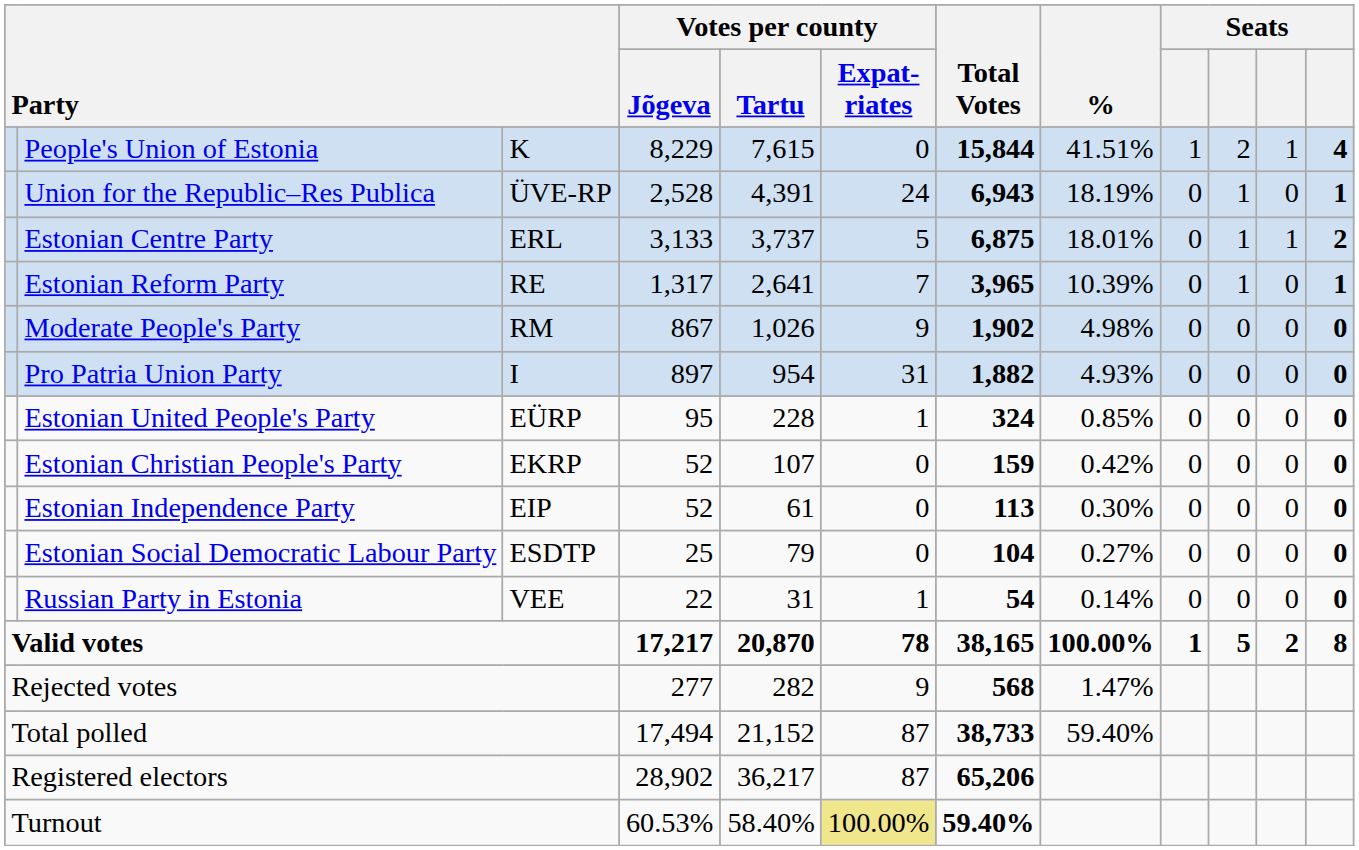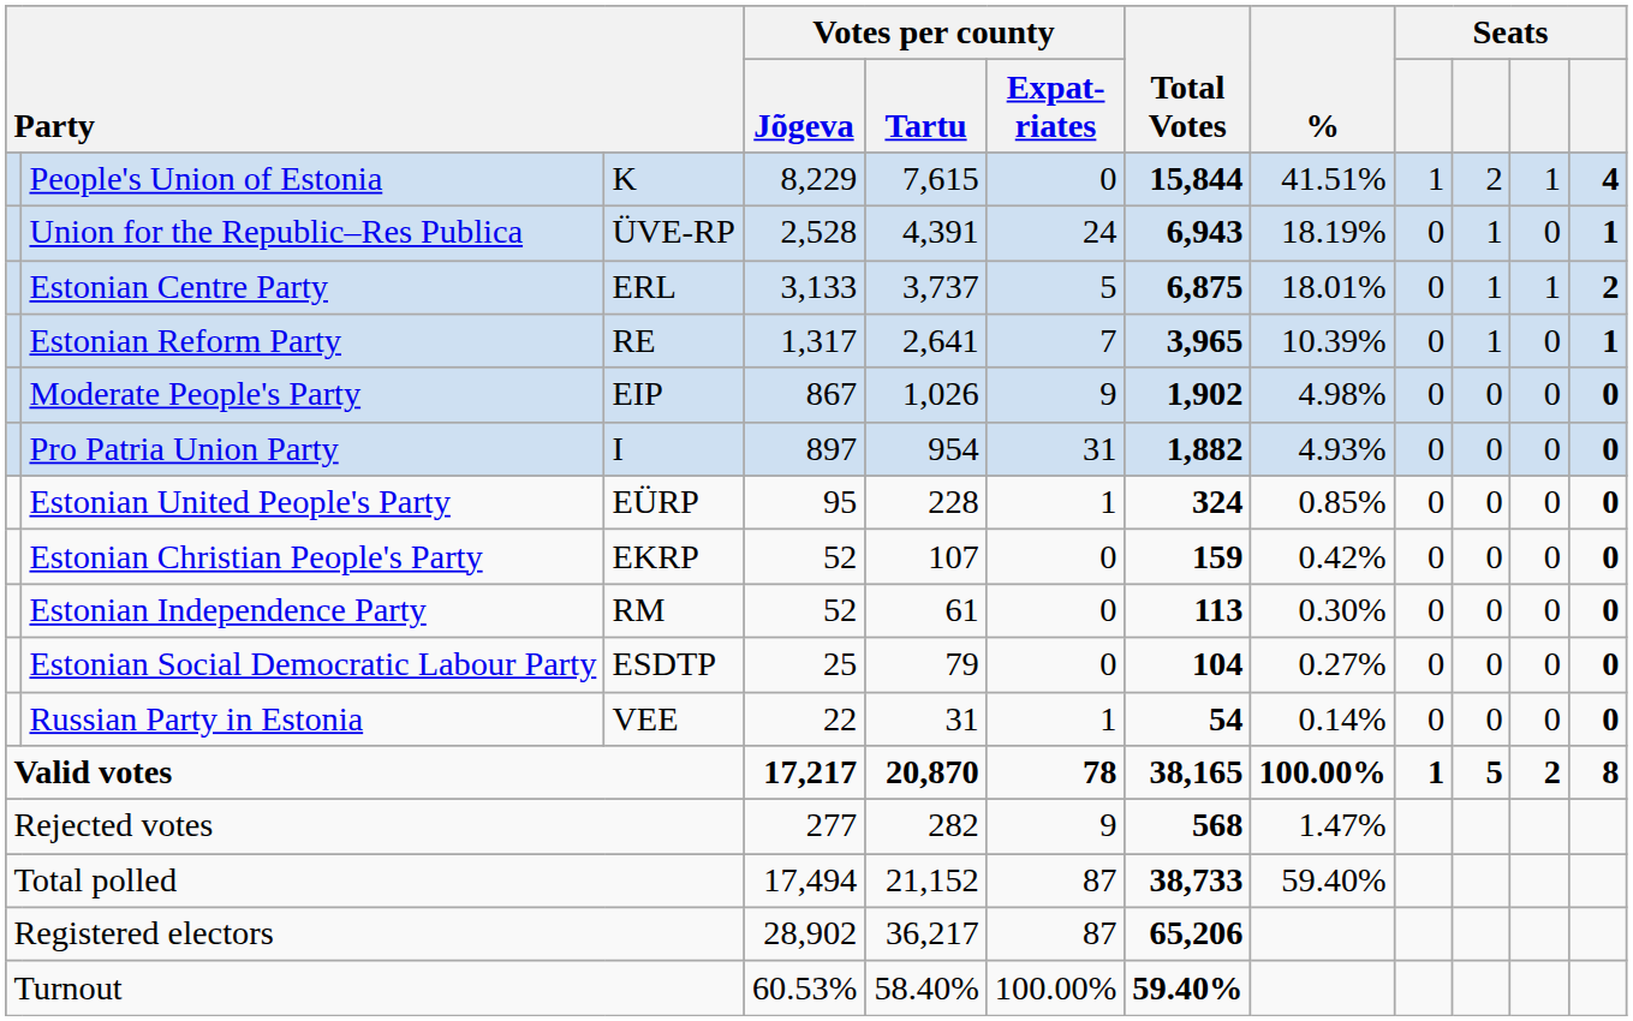 <table class="wikitable" border="1" style="text-align:right;">
 <tr>
 <th style="text-align:left;" valign=bottom rowspan=2 colspan=3>Party</th>
 <th colspan=3>Votes per county</th>
 <th align=center valign=bottom rowspan=2 width="50">Total Votes</th>
 <th align=center valign=bottom rowspan=2 width="50">%</th>
 <th colspan=4>Seats</th>
 </tr>
 <tr>
 <th align=center valign=bottom width="50"><a href='#'>Jõgeva</a></th>
 <th align=center valign=bottom width="50"><a href='#'>Tartu</a></th>
 <th align=center valign=bottom width="50"><a href='#'>Expat- riates</a></th>
 <th align=center valign=bottom width="20"><small></small></th>
 <th align=center valign=bottom width="20"><small></small></th>
 <th align=center valign=bottom width="20"><small></small></th>
 <th align=center valign=bottom width="20"><small></small></th>
 </tr>
 <tr style="background:#CEE0F2;">
 <td style="background:"></td>
 <td align=left><a href='#'>People's Union of Estonia</a></td>
 <td align=left>K</td>
 <td>8,229</td>
 <td>7,615</td>
 <td>0</td>
 <td><strong>15,844</strong></td>
 <td>41.51%</td>
 <td>1</td>
 <td>2</td>
 <td>1</td>
 <td><strong>4</strong></td>
 </tr>
 <tr style="background:#CEE0F2;">
 <td style="background:"></td>
 <td align=left><a href='#'>Union for the Republic–Res Publica</a></td>
 <td align=left>ÜVE-RP</td>
 <td>2,528</td>
 <td>4,391</td>
 <td>24</td>
 <td><strong>6,943</strong></td>
 <td>18.19%</td>
 <td>0</td>
 <td>1</td>
 <td>0</td>
 <td><strong>1</strong></td>
 </tr>
 <tr style="background:#CEE0F2;">
 <td style="background:"></td>
 <td align=left><a href='#'>Estonian Centre Party</a></td>
 <td align=left>ERL</td>
 <td>3,133</td>
 <td>3,737</td>
 <td>5</td>
 <td><strong>6,875</strong></td>
 <td>18.01%</td>
 <td>0</td>
 <td>1</td>
 <td>1</td>
 <td><strong>2</strong></td>
 </tr>
 <tr style="background:#CEE0F2;">
 <td style="background:"></td>
 <td align=left><a href='#'>Estonian Reform Party</a></td>
 <td align=left>RE</td>
 <td>1,317</td>
 <td>2,641</td>
 <td>7</td>
 <td><strong>3,965</strong></td>
 <td>10.39%</td>
 <td>0</td>
 <td>1</td>
 <td>0</td>
 <td><strong>1</strong></td>
 </tr>
 <tr style="background:#CEE0F2;">
 <td style="background:"></td>
 <td align=left><a href='#'>Moderate People's Party</a></td>
-<td align=left>RM</td>
+<td align=left>EIP</td>
 <td>867</td>
 <td>1,026</td>
 <td>9</td>
 <td><strong>1,902</strong></td>
 <td>4.98%</td>
 <td>0</td>
 <td>0</td>
 <td>0</td>
 <td><strong>0</strong></td>
 </tr>
 <tr style="background:#CEE0F2;">
 <td style="background:"></td>
 <td align=left><a href='#'>Pro Patria Union Party</a></td>
 <td align=left>I</td>
 <td>897</td>
 <td>954</td>
 <td>31</td>
 <td><strong>1,882</strong></td>
 <td>4.93%</td>
 <td>0</td>
 <td>0</td>
 <td>0</td>
 <td><strong>0</strong></td>
 </tr>
 <tr>
 <td style="background:"></td>
 <td align=left><a href='#'>Estonian United People's Party</a></td>
 <td align=left>EÜRP</td>
 <td>95</td>
 <td>228</td>
 <td>1</td>
 <td><strong>324</strong></td>
 <td>0.85%</td>
 <td>0</td>
 <td>0</td>
 <td>0</td>
 <td><strong>0</strong></td>
 </tr>
 <tr>
 <td style="background:"></td>
 <td align=left><a href='#'>Estonian Christian People's Party</a></td>
 <td align=left>EKRP</td>
 <td>52</td>
 <td>107</td>
 <td>0</td>
 <td><strong>159</strong></td>
 <td>0.42%</td>
 <td>0</td>
 <td>0</td>
 <td>0</td>
 <td><strong>0</strong></td>
 </tr>
 <tr>
 <td style="background:"></td>
 <td align=left><a href='#'>Estonian Independence Party</a></td>
-<td align=left>EIP</td>
+<td align=left>RM</td>
 <td>52</td>
 <td>61</td>
 <td>0</td>
 <td><strong>113</strong></td>
 <td>0.30%</td>
 <td>0</td>
 <td>0</td>
 <td>0</td>
 <td><strong>0</strong></td>
 </tr>
 <tr>
 <td style="background:"></td>
 <td align=left><a href='#'>Estonian Social Democratic Labour Party</a></td>
 <td align=left>ESDTP</td>
 <td>25</td>
 <td>79</td>
 <td>0</td>
 <td><strong>104</strong></td>
 <td>0.27%</td>
 <td>0</td>
 <td>0</td>
 <td>0</td>
 <td><strong>0</strong></td>
 </tr>
 <tr>
 <td></td>
 <td align=left><a href='#'>Russian Party in Estonia</a></td>
 <td align=left>VEE</td>
 <td>22</td>
 <td>31</td>
 <td>1</td>
 <td><strong>54</strong></td>
 <td>0.14%</td>
 <td>0</td>
 <td>0</td>
 <td>0</td>
 <td><strong>0</strong></td>
 </tr>
 <tr style="font-weight:bold">
 <td align=left colspan=3>Valid votes</td>
 <td>17,217</td>
 <td>20,870</td>
 <td>78</td>
 <td>38,165</td>
 <td>100.00%</td>
 <td>1</td>
 <td>5</td>
 <td>2</td>
 <td>8</td>
 </tr>
 <tr>
 <td align=left colspan=3>Rejected votes</td>
 <td>277</td>
 <td>282</td>
 <td>9</td>
 <td><strong>568</strong></td>
 <td>1.47%</td>
 <td></td>
 <td></td>
 <td></td>
 <td></td>
 </tr>
 <tr>
 <td align=left colspan=3>Total polled</td>
 <td>17,494</td>
 <td>21,152</td>
 <td>87</td>
 <td><strong>38,733</strong></td>
 <td>59.40%</td>
 <td></td>
 <td></td>
 <td></td>
 <td></td>
 </tr>
 <tr>
 <td align=left colspan=3>Registered electors</td>
 <td>28,902</td>
 <td>36,217</td>
 <td>87</td>
 <td><strong>65,206</strong></td>
 <td></td>
 <td></td>
 <td></td>
 <td></td>
 <td></td>
 </tr>
 <tr>
 <td align=left colspan=3>Turnout</td>
 <td>60.53%</td>
 <td>58.40%</td>
-<td style="background: khaki;">100.00%</td>
+<td>100.00%</td>
 <td><strong>59.40%</strong></td>
 <td></td>
 <td></td>
 <td></td>
 <td></td>
 <td></td>
 </tr>
 </table>
